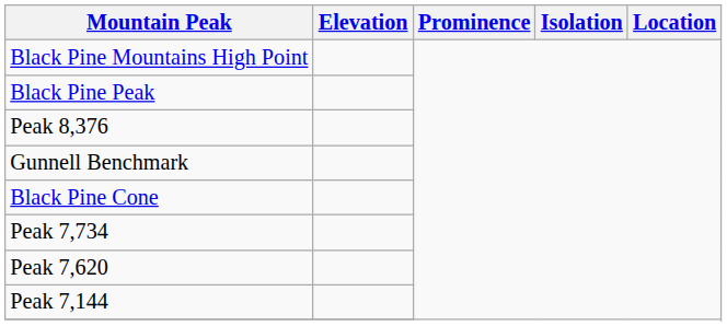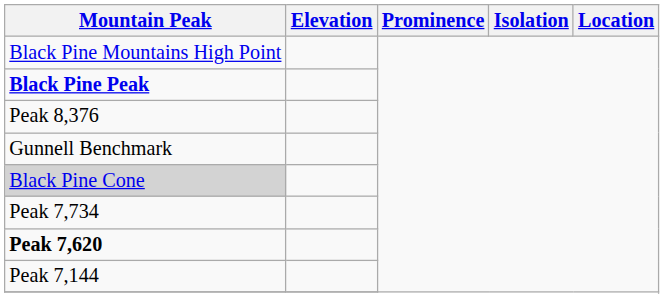 <table class="wikitable sortable">
 <tr>
 <th><a href='#'>Mountain Peak</a></th>
 <th><a href='#'>Elevation</a></th>
 <th><a href='#'>Prominence</a></th>
 <th><a href='#'>Isolation</a></th>
 <th><a href='#'>Location</a></th>
 </tr>
 <tr>
 <td><a href='#'>Black Pine Mountains High Point</a><br></td>
 <td></td>
 </tr>
 <tr>
-<td><a href='#'>Black Pine Peak</a><br></td>
+<td><strong><a href='#'>Black Pine Peak</a><br></strong></td>
 <td></td>
 </tr>
 <tr>
 <td>Peak 8,376<br></td>
 <td></td>
 </tr>
 <tr>
 <td>Gunnell Benchmark<br></td>
 <td></td>
 </tr>
 <tr>
-<td><a href='#'>Black Pine Cone</a><br></td>
+<td style="background: lightgrey;"><a href='#'>Black Pine Cone</a><br></td>
 <td></td>
 </tr>
 <tr>
 <td>Peak 7,734<br></td>
 <td></td>
 </tr>
 <tr>
-<td>Peak 7,620<br></td>
+<td><strong>Peak 7,620<br></strong></td>
 <td></td>
 </tr>
 <tr>
 <td>Peak 7,144<br></td>
 <td></td>
 </tr>
 <tr>
 </tr>
 </table>
